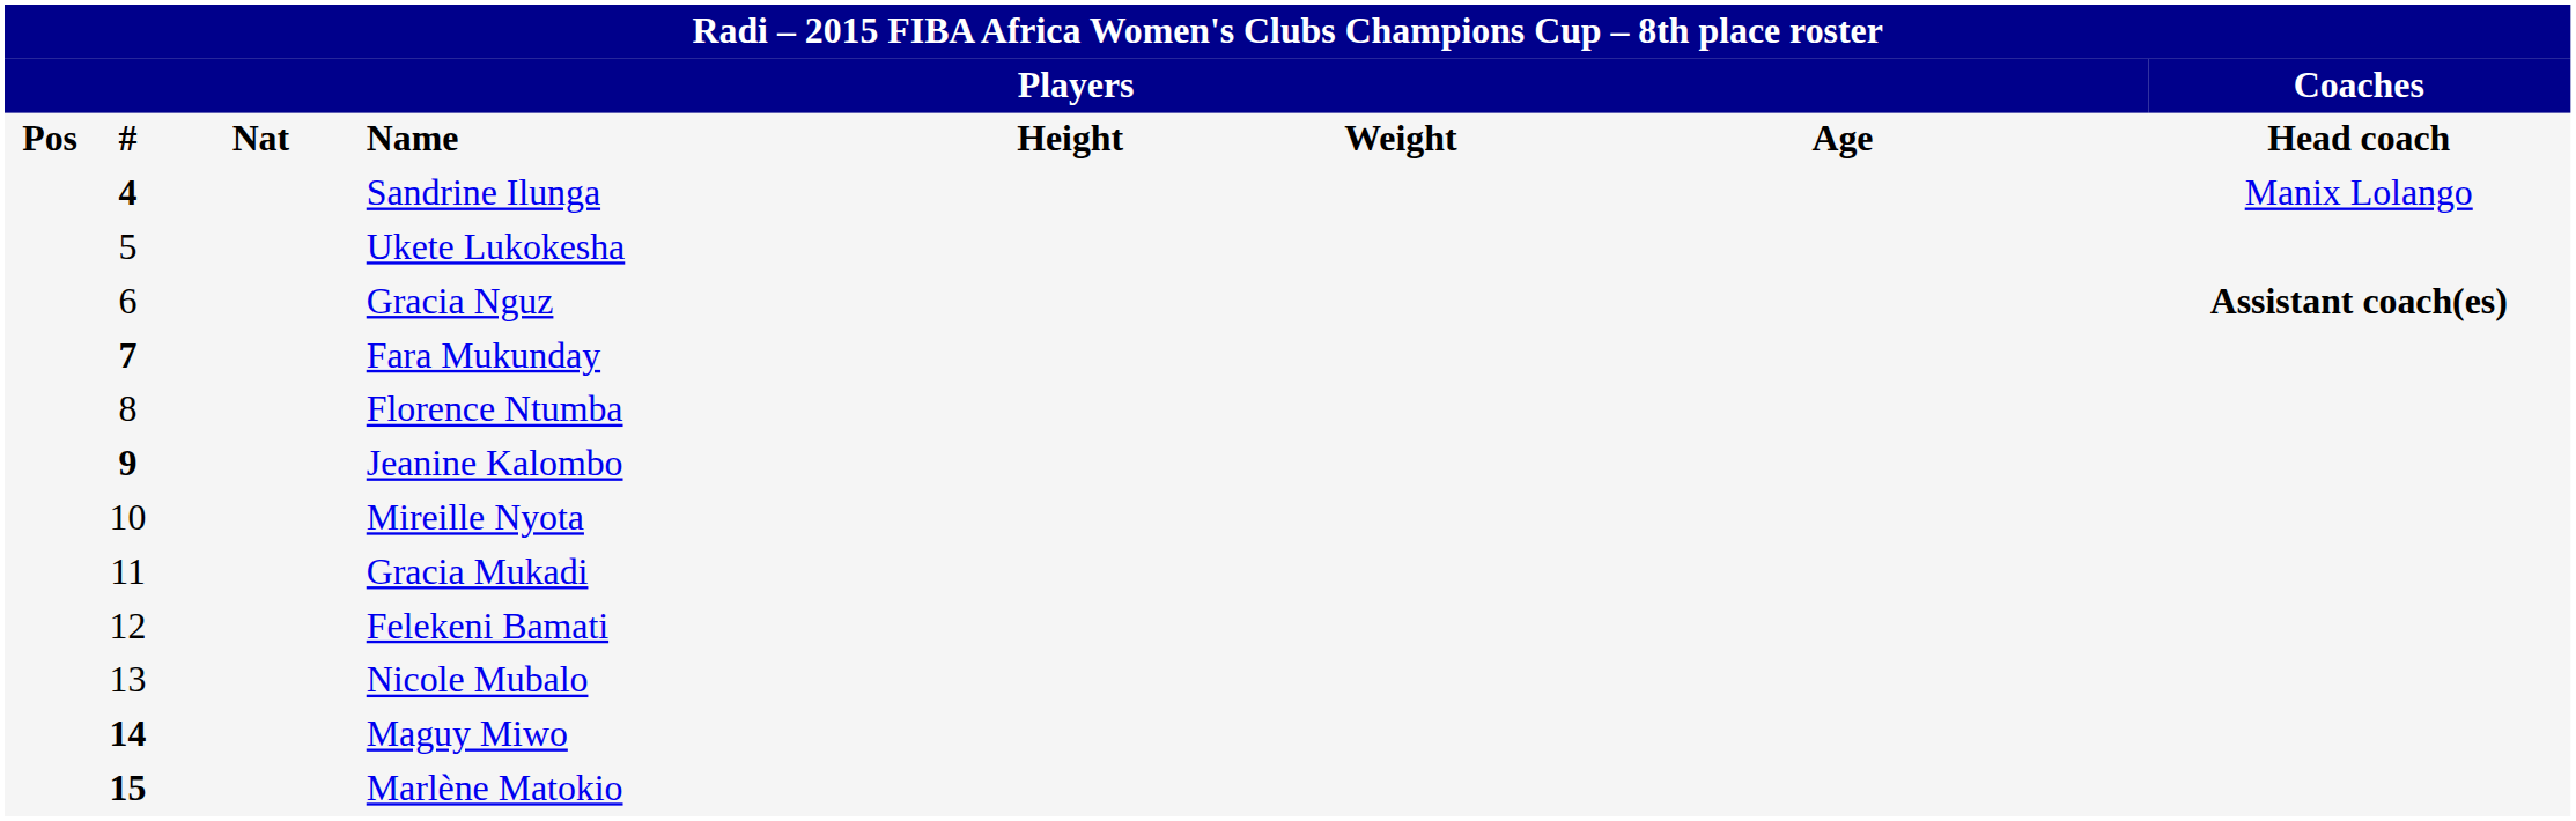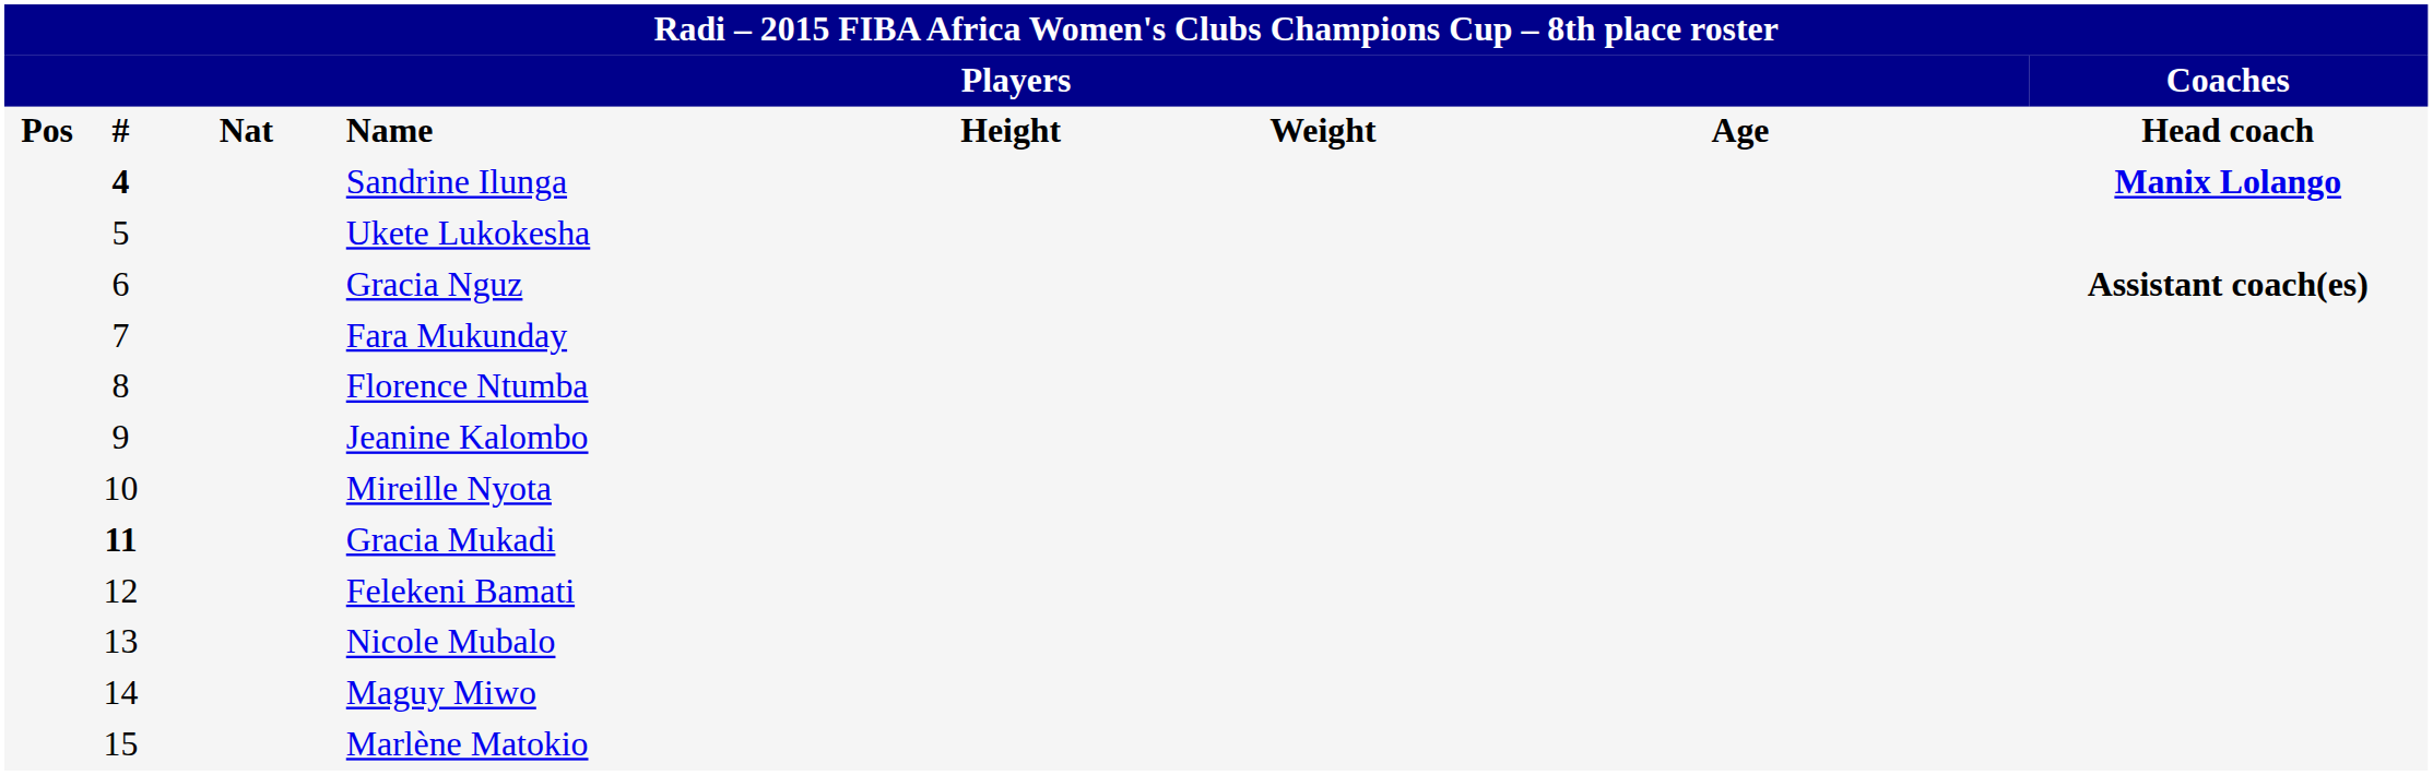 <table border=0 cellpadding=2 cellspacing=0  |- bgcolor=#f5f5f5 style="text-align:center; font-size:85%;" width=75%>
 <tr>
 <td colspan="8" style="background: #00008b; color: white"><strong>Radi – 2015 FIBA Africa Women's Clubs Champions Cup – 8th place roster</strong></td>
 </tr>
 <tr>
 <td colspan="7" style="background: #00008b; color: white"><strong>Players</strong></td>
 <td style="background: #00008b; color: white"><strong>Coaches</strong></td>
 </tr>
 <tr style="background=#f5f5f5; color: black">
 <th width=5px>Pos</th>
 <th width=5px>#</th>
 <th width=50px>Nat</th>
 <th width=135px align=left>Name</th>
 <th width=100px>Height</th>
 <th width=70px>Weight</th>
 <th width=160px>Age</th>
 <th width=110px>Head coach</th>
 </tr>
 <tr>
 <td></td>
 <td><strong>4</strong></td>
 <td></td>
 <td align=left><a href='#'>Sandrine Ilunga</a></td>
 <td></td>
 <td></td>
 <td><span></span></td>
-<td> <a href='#'>Manix Lolango</a></td>
+<td><strong> <a href='#'>Manix Lolango</a></strong></td>
 </tr>
 <tr>
 <td></td>
 <td>5</td>
 <td></td>
 <td align=left><a href='#'>Ukete Lukokesha</a></td>
 <td></td>
 <td></td>
 <td><span></span></td>
 </tr>
 <tr>
 <td></td>
 <td>6</td>
 <td></td>
 <td align=left><a href='#'>Gracia Nguz</a></td>
 <td></td>
 <td></td>
 <td><span></span></td>
 <td><strong>Assistant coach(es)</strong></td>
 </tr>
 <tr>
 <td></td>
-<td><strong>7</strong></td>
+<td>7</td>
 <td></td>
 <td align=left><a href='#'>Fara Mukunday</a></td>
 <td></td>
 <td></td>
 <td><span></span></td>
 <td></td>
 </tr>
 <tr>
 <td></td>
 <td>8</td>
 <td></td>
 <td align=left><a href='#'>Florence Ntumba</a></td>
 <td></td>
 <td></td>
 <td><span></span></td>
 </tr>
 <tr>
 <td></td>
-<td><strong>9</strong></td>
+<td>9</td>
 <td></td>
 <td align=left><a href='#'>Jeanine Kalombo</a></td>
 <td></td>
 <td></td>
 <td><span></span></td>
 </tr>
 <tr>
 <td></td>
 <td>10</td>
 <td></td>
 <td align=left><a href='#'>Mireille Nyota</a></td>
 <td></td>
 <td></td>
 <td><span></span></td>
 </tr>
 <tr>
 <td></td>
-<td>11</td>
+<td><strong>11</strong></td>
 <td></td>
 <td align=left><a href='#'>Gracia Mukadi</a></td>
 <td></td>
 <td></td>
 <td><span></span></td>
 </tr>
 <tr>
 <td></td>
 <td>12</td>
 <td></td>
 <td align=left><a href='#'>Felekeni Bamati</a></td>
 <td></td>
 <td></td>
 <td><span></span></td>
 </tr>
 <tr>
 <td></td>
 <td>13</td>
 <td></td>
 <td align=left><a href='#'>Nicole Mubalo</a></td>
 <td></td>
 <td></td>
 <td><span></span></td>
 </tr>
 <tr>
 <td></td>
-<td><strong>14</strong></td>
+<td>14</td>
 <td></td>
 <td align=left><a href='#'>Maguy Miwo</a></td>
 <td></td>
 <td></td>
 <td><span></span></td>
 </tr>
 <tr>
 <td></td>
-<td><strong>15</strong></td>
+<td>15</td>
 <td></td>
 <td align=left><a href='#'>Marlène Matokio</a></td>
 <td></td>
 <td></td>
 <td><span></span></td>
 </tr>
 </table>
